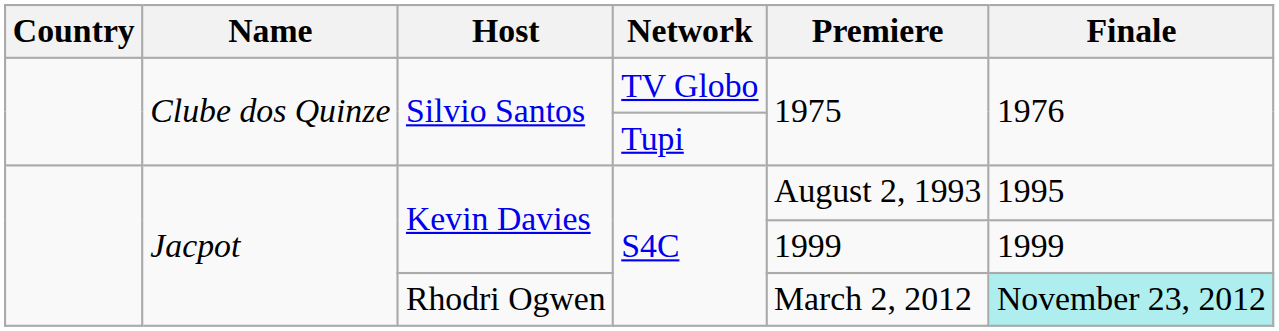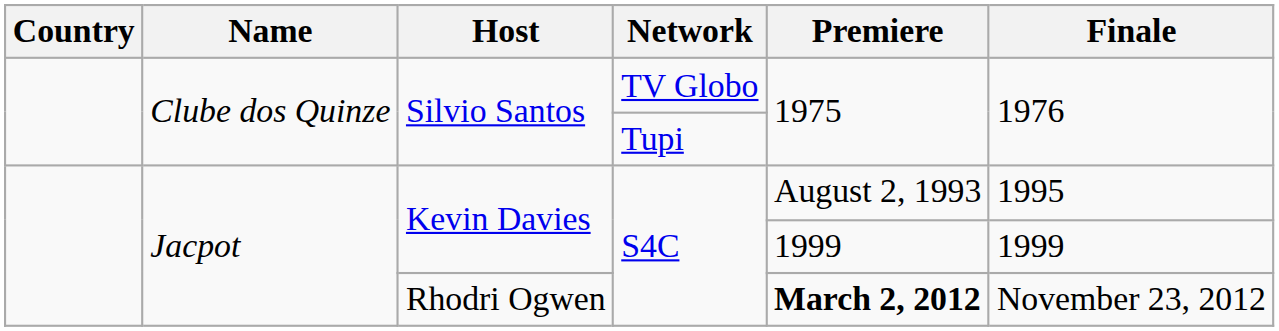 <table class="wikitable">
 <tr>
 <th>Country</th>
 <th>Name</th>
 <th>Host</th>
 <th>Network</th>
 <th>Premiere</th>
 <th>Finale</th>
 </tr>
 <tr>
 <td rowspan="2"></td>
 <td rowspan="2"><em>Clube dos Quinze</em></td>
 <td rowspan="2"><a href='#'>Silvio Santos</a></td>
 <td><a href='#'>TV Globo</a></td>
 <td rowspan="2">1975</td>
 <td rowspan="2">1976</td>
 </tr>
 <tr>
 <td><a href='#'>Tupi</a></td>
 </tr>
 <tr>
 <td rowspan="3"></td>
 <td rowspan="3"><em>Jacpot</em></td>
 <td rowspan="2"><a href='#'>Kevin Davies</a></td>
 <td rowspan="3"><a href='#'>S4C</a></td>
 <td>August 2, 1993</td>
 <td>1995</td>
 </tr>
 <tr>
 <td>1999</td>
 <td>1999</td>
 </tr>
 <tr>
 <td>Rhodri Ogwen</td>
-<td>March 2, 2012</td>
-<td style="background: paleturquoise;">November 23, 2012</td>
+<td><strong>March 2, 2012</strong></td>
+<td>November 23, 2012</td>
 </tr>
 </table>
